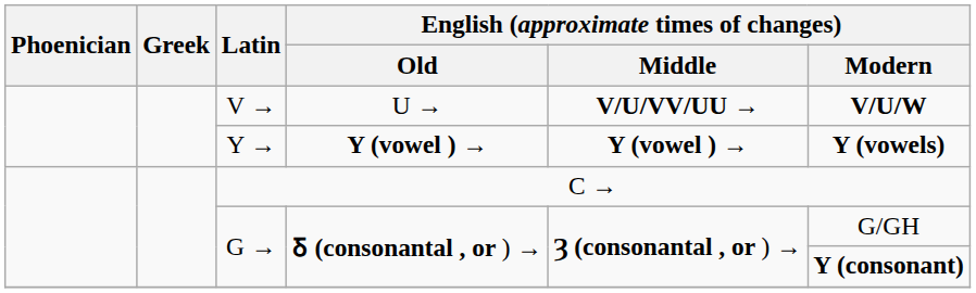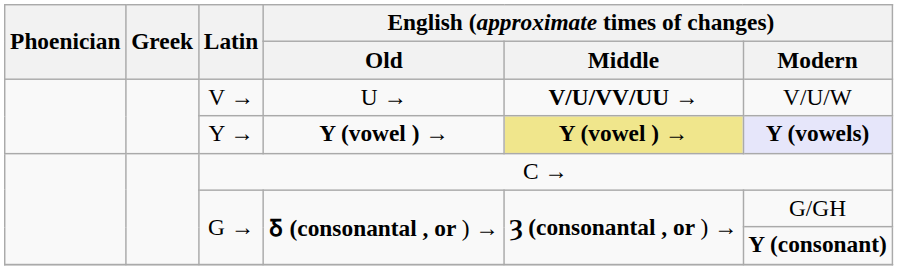 <table class="wikitable" style="text-align:center">
 <tr>
 <th rowspan="2">Phoenician</th>
 <th rowspan="2">Greek</th>
 <th rowspan="2">Latin</th>
 <th colspan="3"> English (<em>approximate</em> times of changes)</th>
 </tr>
 <tr>
 <th>Old</th>
 <th>Middle</th>
 <th>Modern</th>
 </tr>
 <tr>
 <td rowspan="2"></td>
 <td rowspan="2"></td>
 <td>V →</td>
 <td>U →</td>
 <td><strong>V/U/VV/UU →</strong></td>
-<td><strong>V/U/W</strong></td>
+<td>V/U/W</td>
 </tr>
 <tr>
 <td>Y →</td>
 <td><strong>Y (vowel )</strong> →</td>
-<td><strong>Y (vowel )</strong> →</td>
-<td><strong>Y (vowels)</strong></td>
+<td style="background: khaki;"><strong>Y (vowel )</strong> →</td>
+<td style="background: lavender;"><strong>Y (vowels)</strong></td>
 </tr>
 <tr>
 <td rowspan="3"></td>
 <td rowspan="3"></td>
 <td colspan="4">C →</td>
 </tr>
 <tr>
 <td rowspan="2">G →</td>
 <td rowspan="2"><strong>Ᵹ (consonantal ,  or </strong>) →</td>
 <td rowspan="2"><strong>Ȝ</strong> <strong>(consonantal ,  or </strong>) →</td>
 <td>G/GH</td>
 </tr>
 <tr>
 <td><strong>Y (consonant)</strong></td>
 </tr>
 <tr>
 </tr>
 </table>
